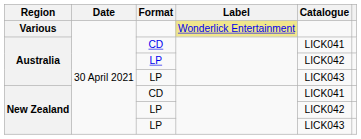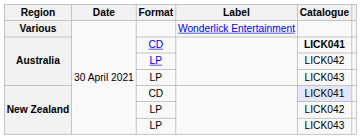 <table class="wikitable plainrowheaders" style="text-align:center;">
 <tr>
 <th scope="col">Region</th>
 <th scope="col">Date</th>
 <th scope="col">Format</th>
 <th scope="col">Label</th>
 <th scope="col">Catalogue</th>
 <th scope="col"></th>
 </tr>
 <tr>
 <th scope="row">Various</th>
 <td rowspan="7">30 April 2021</td>
 <td></td>
-<td style="background: khaki;"><a href='#'>Wonderlick Entertainment</a></td>
+<td><a href='#'>Wonderlick Entertainment</a></td>
 <td></td>
 <td></td>
 </tr>
 <tr>
 <th scope="row" rowspan="3">Australia</th>
 <td><a href='#'>CD</a></td>
 <td rowspan="3"></td>
-<td>LICK041</td>
+<td><strong>LICK041</strong></td>
 <td></td>
 </tr>
 <tr>
 <td><a href='#'>LP</a></td>
 <td>LICK042</td>
 <td></td>
 </tr>
 <tr>
 <td>LP </td>
 <td>LICK043</td>
 <td></td>
 </tr>
 <tr>
 <th scope="row" rowspan="3">New Zealand</th>
 <td>CD</td>
 <td rowspan="3"></td>
-<td>LICK041</td>
+<td style="background: lavender;">LICK041</td>
 <td></td>
 </tr>
 <tr>
 <td>LP</td>
 <td>LICK042</td>
 <td></td>
 </tr>
 <tr>
 <td>LP </td>
 <td>LICK043</td>
 <td></td>
 </tr>
 </table>
